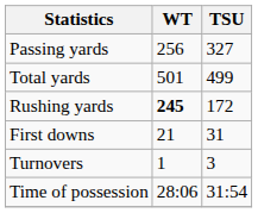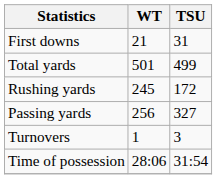 <table class="wikitable" style="float: left;">
 <tr>
 <th>Statistics</th>
 <th>WT</th>
 <th>TSU</th>
 </tr>
 <tr>
-<td>Passing yards</td>
-<td>256</td>
-<td>327</td>
+<td>First downs</td>
+<td>21</td>
+<td>31</td>
 </tr>
 <tr>
 <td>Total yards</td>
 <td>501</td>
 <td>499</td>
 </tr>
 <tr>
 <td>Rushing yards</td>
-<td><strong>245</strong></td>
+<td>245</td>
 <td>172</td>
 </tr>
 <tr>
-<td>First downs</td>
-<td>21</td>
-<td>31</td>
+<td>Passing yards</td>
+<td>256</td>
+<td>327</td>
 </tr>
 <tr>
 <td>Turnovers</td>
 <td>1</td>
 <td>3</td>
 </tr>
 <tr>
 <td>Time of possession</td>
 <td>28:06</td>
 <td>31:54</td>
 </tr>
 <tr>
 </tr>
 </table>
